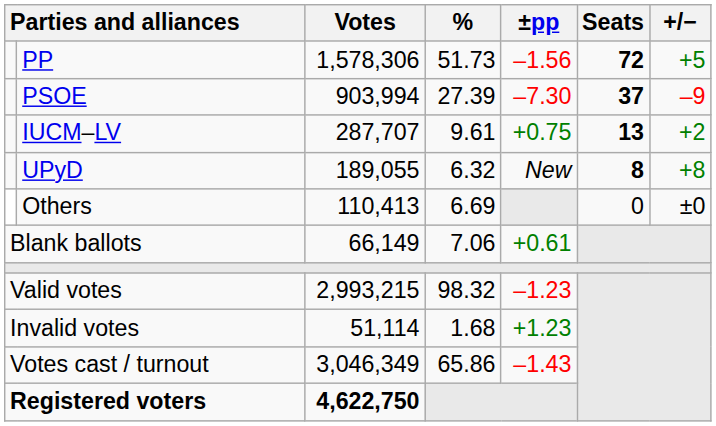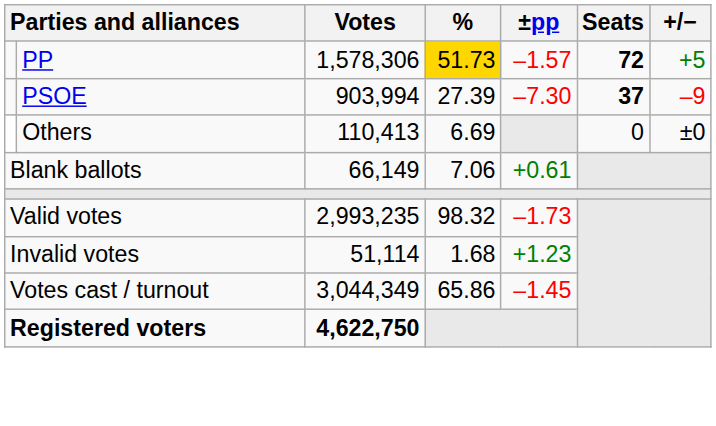 <table class="wikitable" style="text-align:right;">
 <tr>
 <th style="text-align:left;" colspan="2" width="200">Parties and alliances</th>
 <th width="75">Votes</th>
 <th width="45">%</th>
 <th width="45">±<a href='#'>pp</a></th>
 <th width="35">Seats</th>
 <th width="35">+/−</th>
 </tr>
 <tr>
 <td width="1" style="color:inherit;background:"></td>
 <td align="left"><a href='#'>PP</a></td>
 <td>1,578,306</td>
-<td>51.73</td>
-<td style="color:red;">–1.56</td>
+<td style="background: gold;">51.73</td>
+<td style="color:red;">–1.57</td>
 <td><strong>72</strong></td>
 <td style="color:green;">+5</td>
 </tr>
 <tr>
 <td style="color:inherit;background:"></td>
 <td align="left"><a href='#'>PSOE</a></td>
 <td>903,994</td>
 <td>27.39</td>
 <td style="color:red;">–7.30</td>
 <td><strong>37</strong></td>
 <td style="color:red;">–9</td>
-</tr>
-<tr>
-<td style="color:inherit;background:"></td>
-<td align="left"><a href='#'>IUCM</a>–<a href='#'>LV</a></td>
-<td>287,707</td>
-<td>9.61</td>
-<td style="color:green;">+0.75</td>
-<td><strong>13</strong></td>
-<td style="color:green;">+2</td>
-</tr>
-<tr>
-<td style="color:inherit;background:"></td>
-<td align="left"><a href='#'>UPyD</a></td>
-<td>189,055</td>
-<td>6.32</td>
-<td><em>New</em></td>
-<td><strong>8</strong></td>
-<td style="color:green;">+8</td>
 </tr>
 <tr>
 <td bgcolor="white"></td>
 <td align="left">Others</td>
 <td>110,413</td>
 <td>6.69</td>
 <td bgcolor="#E9E9E9"></td>
 <td>0</td>
 <td>±0</td>
 </tr>
 <tr>
 <td align="left" colspan="2">Blank ballots</td>
 <td>66,149</td>
 <td>7.06</td>
 <td style="color:green;">+0.61</td>
 <td bgcolor="#E9E9E9" colspan="2"></td>
 </tr>
 <tr>
 <td colspan="7" bgcolor="#E9E9E9"></td>
 </tr>
 <tr>
 <td align="left" colspan="2">Valid votes</td>
-<td>2,993,215</td>
+<td>2,993,235</td>
 <td>98.32</td>
-<td style="color:red;">–1.23</td>
+<td style="color:red;">–1.73</td>
 <td bgcolor="#E9E9E9" colspan="2" rowspan="4"></td>
 </tr>
 <tr>
 <td align="left" colspan="2">Invalid votes</td>
 <td>51,114</td>
 <td>1.68</td>
 <td style="color:green;">+1.23</td>
 </tr>
 <tr>
 <td align="left" colspan="2">Votes cast / turnout</td>
-<td>3,046,349</td>
+<td>3,044,349</td>
 <td>65.86</td>
-<td style="color:red;">–1.43</td>
+<td style="color:red;">–1.45</td>
 </tr>
 <tr style="font-weight:bold;">
 <td align="left" colspan="2">Registered voters</td>
 <td>4,622,750</td>
 <td bgcolor="#E9E9E9" colspan="2"></td>
 </tr>
 </table>
